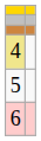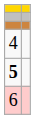 <table class="wikitable">
 <tr style="background:gold;">
 <td align=center></td>
 <td></td>
 </tr>
 <tr style="background:silver;">
 <td align=center></td>
 <td></td>
 </tr>
 <tr style="background:peru;">
 <td align=center></td>
 <td></td>
 </tr>
 <tr>
-<td align=center style="background: khaki;">4</td>
+<td align=center>4</td>
 <td></td>
 </tr>
 <tr>
-<td align=center>5</td>
+<td align=center><strong>5</strong></td>
 <td></td>
 </tr>
 <tr style="background:#fcc;">
 <td align=center>6</td>
 <td></td>
 </tr>
 </table>
